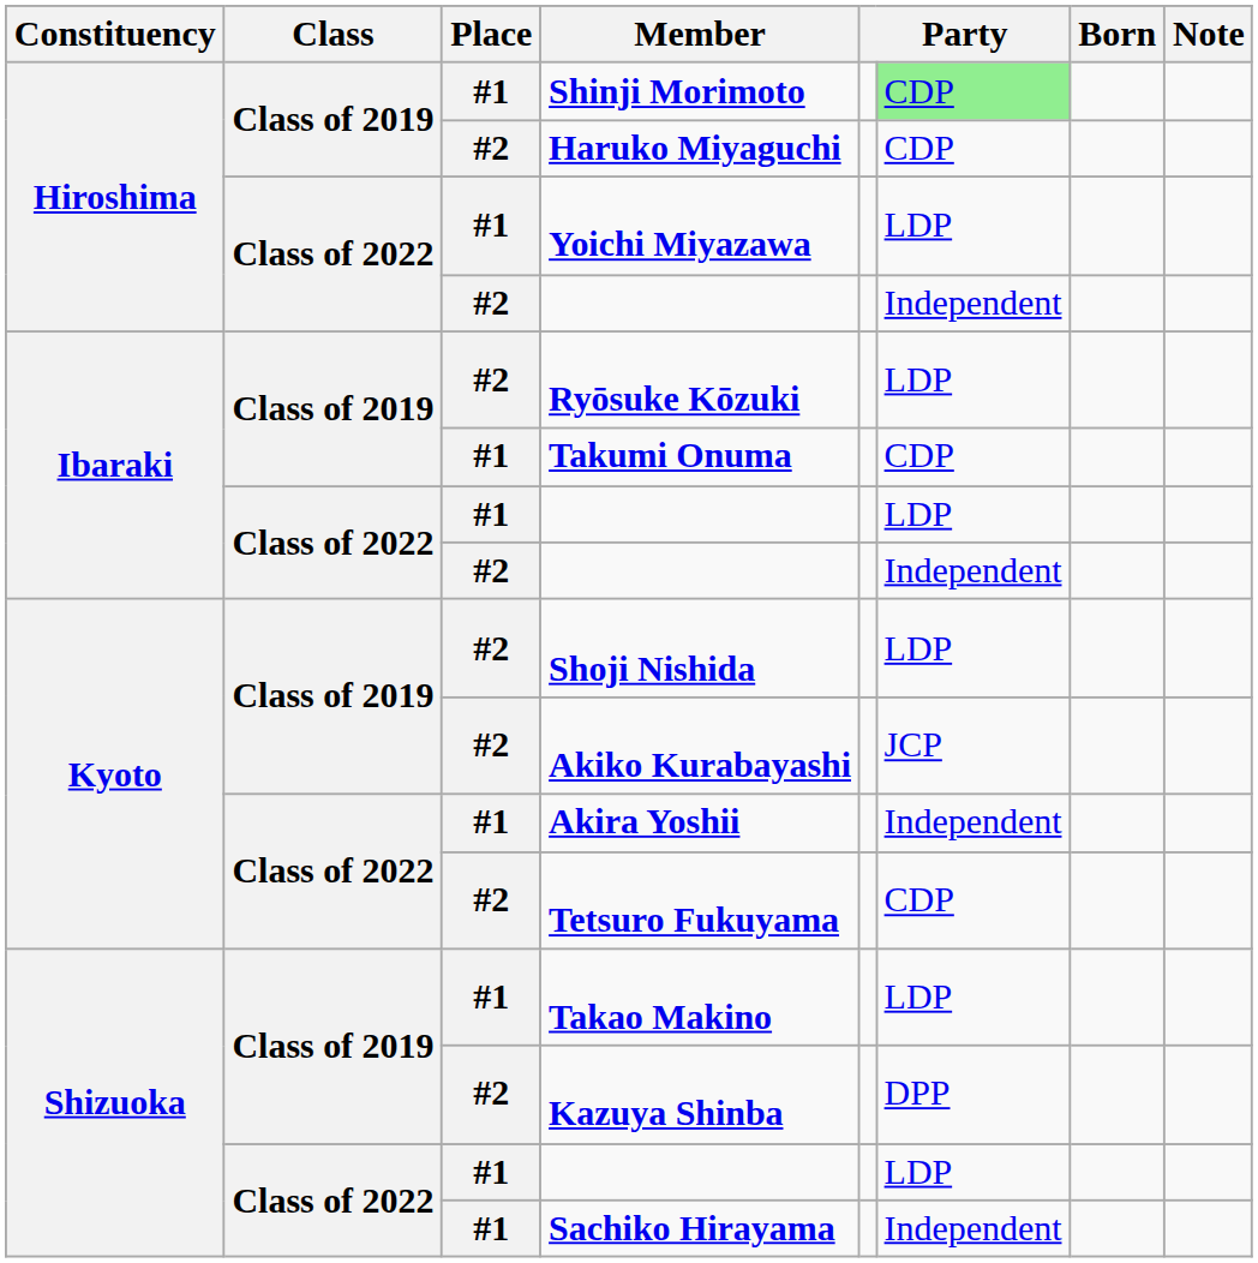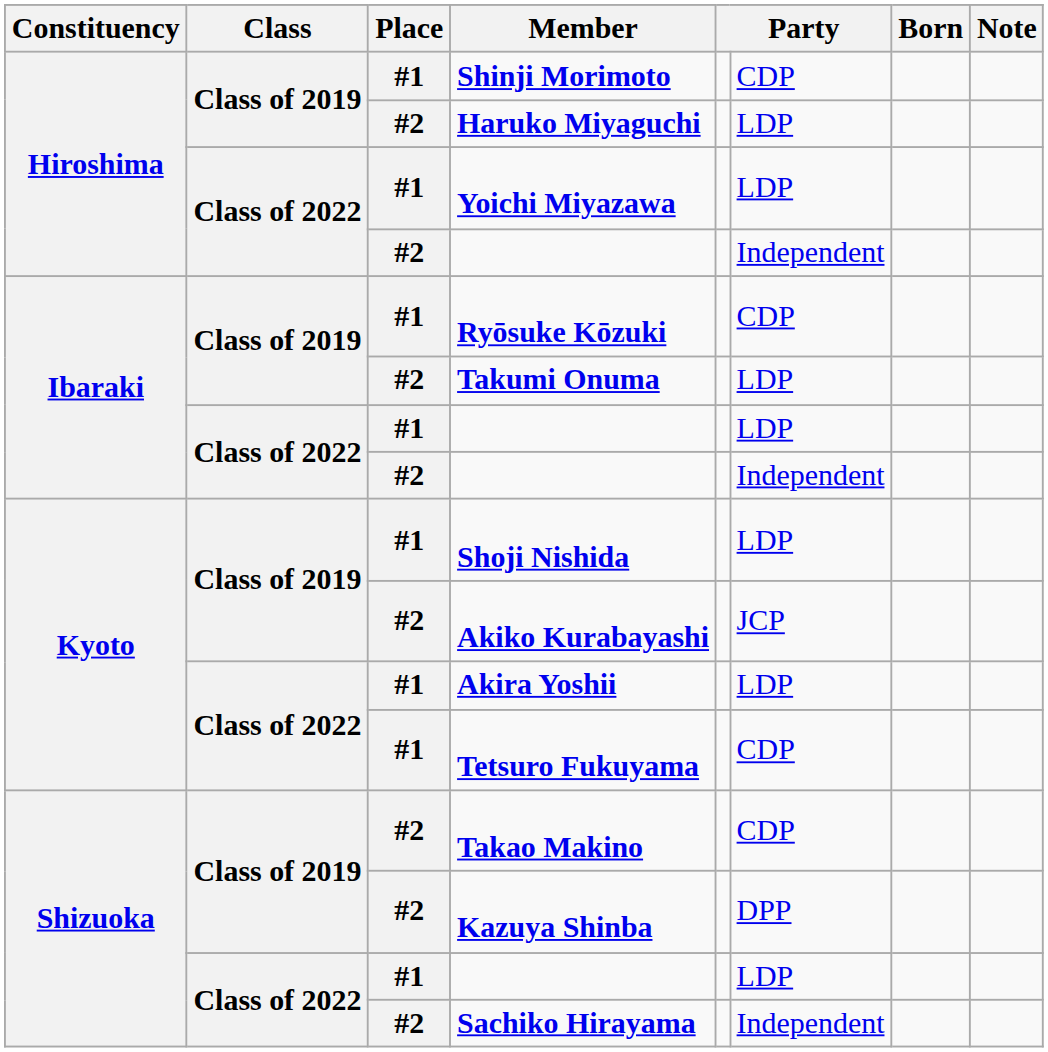 <table class="wikitable sortable plainrowheaders" id="votingmembers">
 <tr style="vertical-align:bottom">
 <th>Constituency</th>
 <th>Class</th>
 <th>Place</th>
 <th>Member</th>
 <th colspan=2>Party</th>
 <th>Born</th>
 <th>Note</th>
 </tr>
 <tr>
 <th rowspan=4><a href='#'>Hiroshima</a></th>
 <th rowspan=2>Class of 2019</th>
 <th>#1</th>
 <td><strong><a href='#'>Shinji Morimoto</a></strong></td>
 <td style="background-color:"></td>
-<td style="background: lightgreen;"><a href='#'>CDP</a></td>
+<td><a href='#'>CDP</a></td>
 <td></td>
 <td></td>
 </tr>
 <tr>
 <th>#2</th>
 <td><strong><a href='#'>Haruko Miyaguchi</a></strong></td>
 <td style="background-color:"></td>
-<td><a href='#'>CDP</a></td>
+<td><a href='#'>LDP</a></td>
 <td></td>
 <td></td>
 </tr>
 <tr>
 <th rowspan=2>Class of 2022</th>
 <th>#1</th>
 <td><br><strong><a href='#'>Yoichi Miyazawa</a></strong></td>
 <td style="background-color:"></td>
 <td><a href='#'>LDP</a></td>
 <td></td>
 <td></td>
 </tr>
 <tr>
 <th>#2</th>
 <td><strong></strong></td>
 <td style="background-color:"></td>
 <td><a href='#'>Independent</a></td>
 <td></td>
 <td></td>
 </tr>
 <tr>
 <th rowspan=4><a href='#'>Ibaraki</a></th>
 <th rowspan=2>Class of 2019</th>
-<th>#2</th>
+<th>#1</th>
 <td><br><strong><a href='#'>Ryōsuke Kōzuki</a></strong></td>
 <td style="background-color:"></td>
-<td><a href='#'>LDP</a></td>
+<td><a href='#'>CDP</a></td>
 <td></td>
 <td></td>
 </tr>
 <tr>
-<th>#1</th>
+<th>#2</th>
 <td><strong><a href='#'>Takumi Onuma</a></strong></td>
 <td style="background-color:"></td>
-<td><a href='#'>CDP</a></td>
+<td><a href='#'>LDP</a></td>
 <td></td>
 <td></td>
 </tr>
 <tr>
 <th rowspan=2>Class of 2022</th>
 <th>#1</th>
 <td><strong></strong></td>
 <td style="background-color:"></td>
 <td><a href='#'>LDP</a></td>
 <td></td>
 <td></td>
 </tr>
 <tr>
 <th>#2</th>
 <td><strong></strong></td>
 <td style="background-color:"></td>
 <td><a href='#'>Independent</a></td>
 <td></td>
 <td></td>
 </tr>
 <tr>
 <th rowspan=4><a href='#'>Kyoto</a></th>
 <th rowspan=2>Class of 2019</th>
-<th>#2</th>
+<th>#1</th>
 <td><br><strong><a href='#'>Shoji Nishida</a></strong></td>
 <td style="background-color:"></td>
 <td><a href='#'>LDP</a></td>
 <td></td>
 <td></td>
 </tr>
 <tr>
 <th>#2</th>
 <td><br><strong><a href='#'>Akiko Kurabayashi</a></strong></td>
 <td style="background-color:"></td>
 <td><a href='#'>JCP</a></td>
 <td></td>
 <td></td>
 </tr>
 <tr>
 <th rowspan=2>Class of 2022</th>
 <th>#1</th>
 <td><strong><a href='#'>Akira Yoshii</a></strong></td>
 <td style="background-color:"></td>
-<td><a href='#'>Independent</a></td>
+<td><a href='#'>LDP</a></td>
 <td></td>
 <td></td>
 </tr>
 <tr>
-<th>#2</th>
+<th>#1</th>
 <td><br><strong><a href='#'>Tetsuro Fukuyama</a></strong></td>
 <td style="background-color:"></td>
 <td><a href='#'>CDP</a></td>
 <td></td>
 <td></td>
 </tr>
 <tr>
 <th rowspan=4><a href='#'>Shizuoka</a></th>
 <th rowspan=2>Class of 2019</th>
-<th>#1</th>
+<th>#2</th>
 <td><br><strong><a href='#'>Takao Makino</a></strong></td>
 <td style="background-color:"></td>
-<td><a href='#'>LDP</a></td>
+<td><a href='#'>CDP</a></td>
 <td></td>
 <td></td>
 </tr>
 <tr>
 <th>#2</th>
 <td><br><strong><a href='#'>Kazuya Shinba</a></strong></td>
 <td style="background-color:"></td>
 <td><a href='#'>DPP</a></td>
 <td></td>
 <td></td>
 </tr>
 <tr>
 <th rowspan=2>Class of 2022</th>
 <th>#1</th>
 <td><strong></strong></td>
 <td style="background-color:"></td>
 <td><a href='#'>LDP</a></td>
 <td></td>
 <td></td>
 </tr>
 <tr>
-<th>#1</th>
+<th>#2</th>
 <td><strong><a href='#'>Sachiko Hirayama</a></strong></td>
 <td style="background-color:"></td>
 <td><a href='#'>Independent</a></td>
 <td></td>
 <td></td>
 </tr>
 </table>
